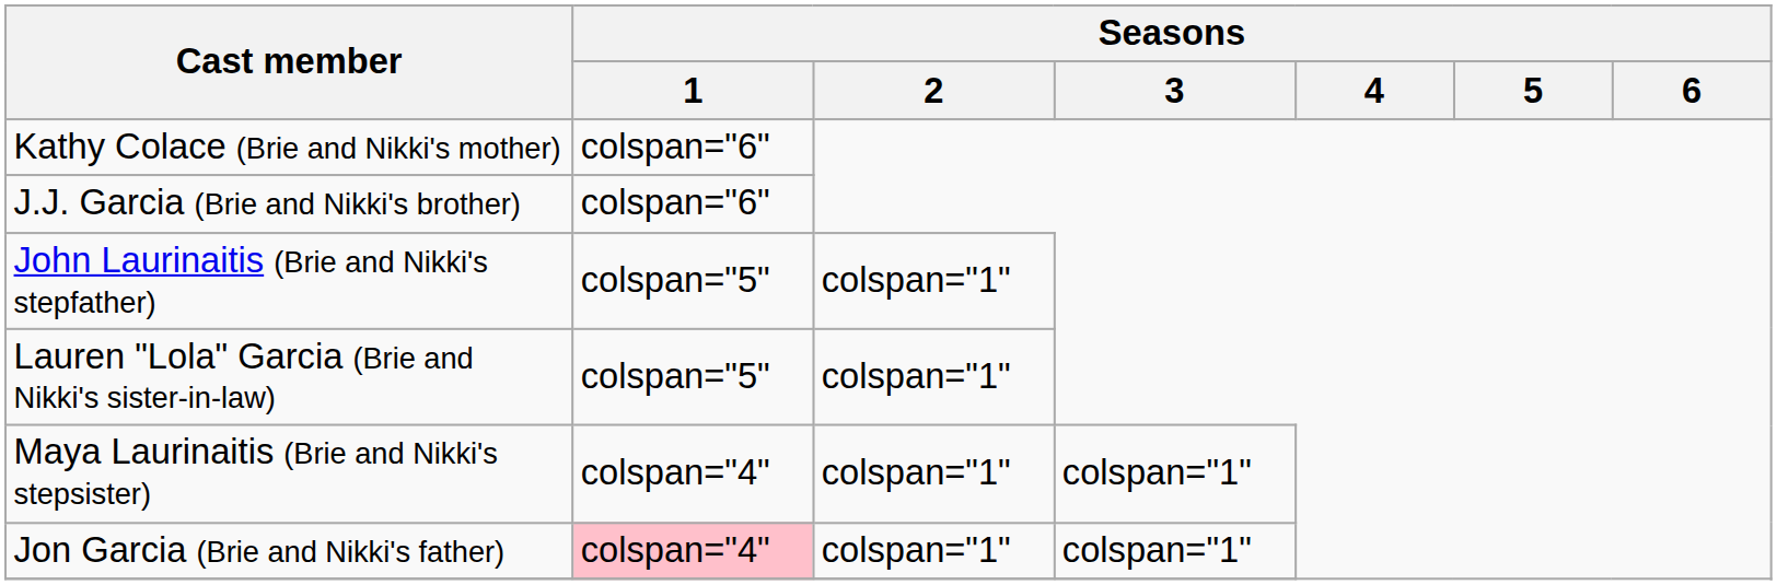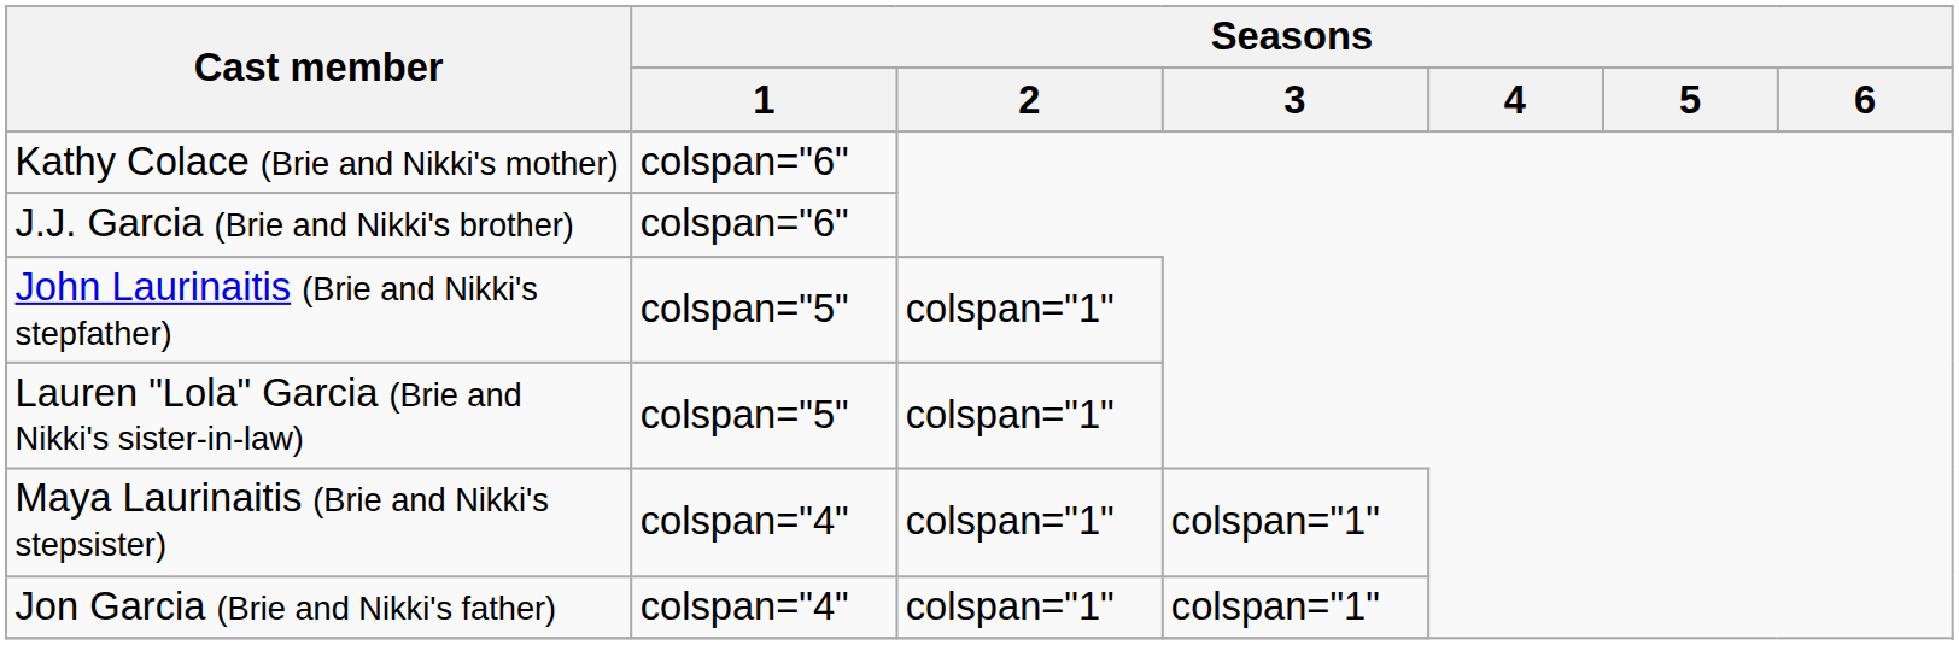 <table class="wikitable plainrowheaders" width="50%">
 <tr>
 <th scope="col" rowspan="2" style="width:25%;">Cast member</th>
 <th scope="col" colspan="6">Seasons</th>
 </tr>
 <tr>
 <th scope="col" style="width:7%;">1</th>
 <th scope="col" style="width:7%;">2</th>
 <th scope="col" style="width:7%;">3</th>
 <th scope="col" style="width:7%;">4</th>
 <th scope="col" style="width:7%;">5</th>
 <th scope="col" style="width:7%;">6</th>
 </tr>
 <tr>
 <td scope="row">Kathy Colace <small>(Brie and Nikki's mother)</small></td>
 <td>colspan="6" </td>
 </tr>
 <tr>
 <td scope="row">J.J. Garcia <small>(Brie and Nikki's brother)</small></td>
 <td>colspan="6" </td>
 </tr>
 <tr>
 <td scope="row"><a href='#'>John Laurinaitis</a> <small>(Brie and Nikki's stepfather)</small></td>
 <td>colspan="5" </td>
 <td>colspan="1" </td>
 </tr>
 <tr>
 <td scope="row">Lauren "Lola" Garcia <small>(Brie and Nikki's sister-in-law)</small></td>
 <td>colspan="5" </td>
 <td>colspan="1" </td>
 </tr>
 <tr>
 <td scope="row">Maya Laurinaitis <small>(Brie and Nikki's stepsister)</small></td>
 <td>colspan="4" </td>
 <td>colspan="1" </td>
 <td>colspan="1" </td>
 </tr>
 <tr>
 <td scope="row">Jon Garcia <small>(Brie and Nikki's father)</small></td>
-<td style="background: pink;">colspan="4" </td>
+<td>colspan="4" </td>
 <td>colspan="1" </td>
 <td>colspan="1" </td>
 </tr>
 <tr>
 </tr>
 </table>
